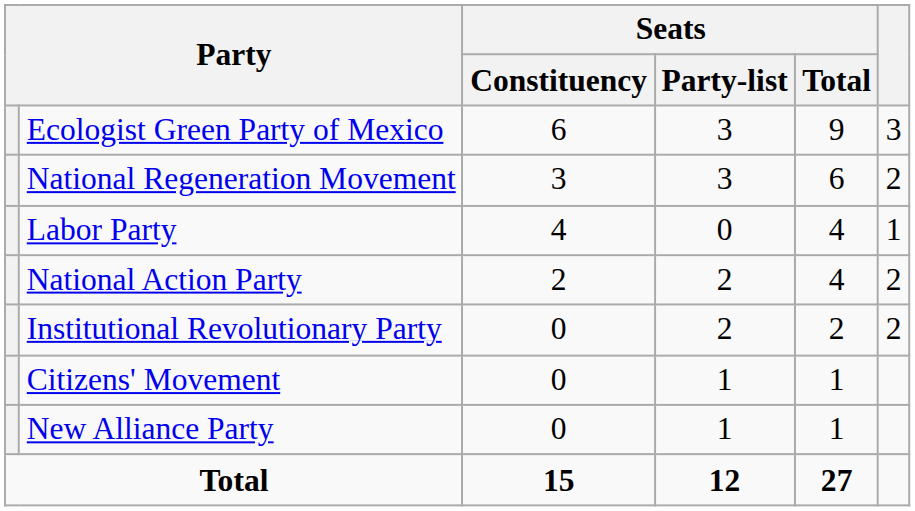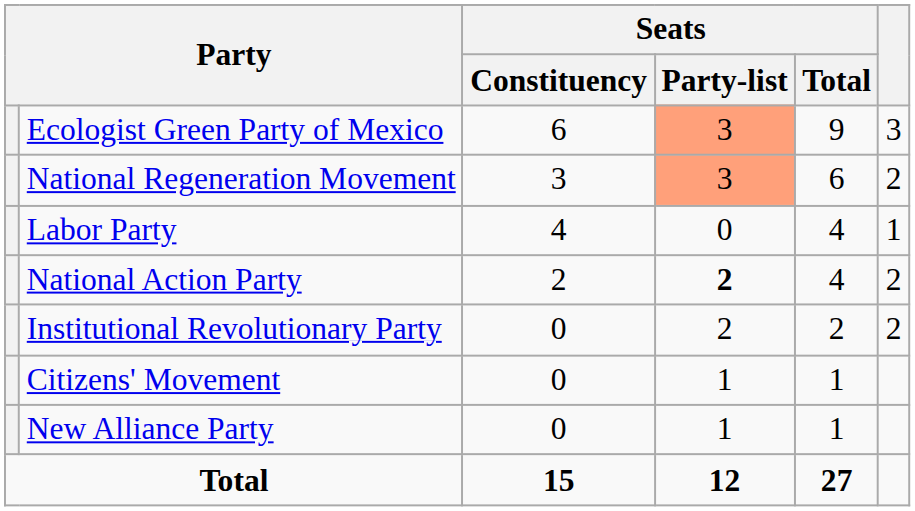 <table class="wikitable" style="text-align:center;">
 <tr>
 <th colspan="2" rowspan="2">Party</th>
 <th colspan="3">Seats</th>
 <th rowspan="2"></th>
 </tr>
 <tr>
 <th style="width:3em"><strong>Constituency</strong></th>
 <th>Party-list</th>
 <th>Total</th>
 </tr>
 <tr>
 <th style="background-color:"></th>
 <td style="text-align:left;"><a href='#'>Ecologist Green Party of Mexico</a></td>
 <td>6</td>
-<td>3</td>
+<td style="background: lightsalmon;">3</td>
 <td>9</td>
 <td> 3</td>
 </tr>
 <tr>
 <th style="background-color:"></th>
 <td style="text-align:left;"><a href='#'>National Regeneration Movement</a></td>
 <td>3</td>
-<td>3</td>
+<td style="background: lightsalmon;">3</td>
 <td>6</td>
 <td> 2</td>
 </tr>
 <tr>
 <th style="background-color:"></th>
 <td style="text-align:left;"><a href='#'>Labor Party</a></td>
 <td>4</td>
 <td>0</td>
 <td>4</td>
 <td> 1</td>
 </tr>
 <tr>
 <th style="background-color:"></th>
 <td style="text-align:left;"><a href='#'>National Action Party</a></td>
 <td>2</td>
-<td>2</td>
+<td><strong>2</strong></td>
 <td>4</td>
 <td> 2</td>
 </tr>
 <tr>
 <th style="background-color:"></th>
 <td style="text-align:left;"><a href='#'>Institutional Revolutionary Party</a></td>
 <td>0</td>
 <td>2</td>
 <td>2</td>
 <td> 2</td>
 </tr>
 <tr>
 <th style="background-color:"></th>
 <td style="text-align:left;"><a href='#'>Citizens' Movement</a></td>
 <td>0</td>
 <td>1</td>
 <td>1</td>
 <td></td>
 </tr>
 <tr>
 <th style="background-color:"></th>
 <td style="text-align:left;"><a href='#'>New Alliance Party</a></td>
 <td>0</td>
 <td>1</td>
 <td>1</td>
 <td></td>
 </tr>
 <tr>
 <td colspan="2"><strong>Total</strong></td>
 <td><strong>15</strong></td>
 <td><strong>12</strong></td>
 <td><strong>27</strong></td>
 <td></td>
 </tr>
 </table>
